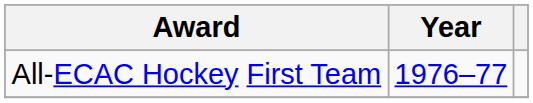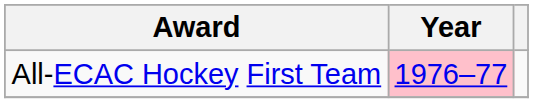 <table class="wikitable">
 <tr>
 <th>Award</th>
 <th>Year</th>
 <th></th>
 </tr>
 <tr>
 <td>All-<a href='#'>ECAC Hockey</a> <a href='#'>First Team</a></td>
-<td><a href='#'>1976–77</a></td>
+<td style="background: pink;"><a href='#'>1976–77</a></td>
 <td></td>
 </tr>
 <tr>
 </tr>
 </table>
